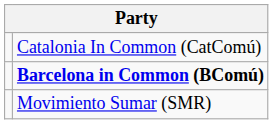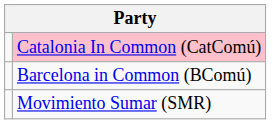 <table class="wikitable" style="text-align:left;">
 <tr>
 <th colspan="3">Party</th>
 </tr>
 <tr>
 <td></td>
-<td><a href='#'>Catalonia In Common</a> (CatComú)</td>
+<td style="background: pink;"><a href='#'>Catalonia In Common</a> (CatComú)</td>
 </tr>
 <tr>
 <td></td>
-<td><strong><a href='#'>Barcelona in Common</a> (BComú)</strong></td>
+<td><a href='#'>Barcelona in Common</a> (BComú)</td>
 </tr>
 <tr>
 <td></td>
 <td colspan="2"><a href='#'>Movimiento Sumar</a> (SMR)</td>
 </tr>
 </table>
